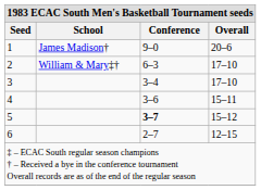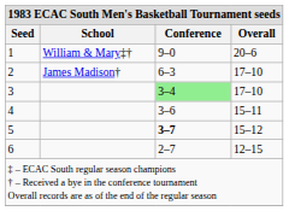 <table class="wikitable" style="white-space:nowrap; font-size:90%;">
 <tr>
 <td colspan="7" style="text-align:center; background:#DDDDDD; font:#000000"><strong>1983 ECAC South Men's Basketball Tournament seeds</strong></td>
 </tr>
 <tr bgcolor="#efefef">
 <th>Seed</th>
 <th>School</th>
 <th>Conference</th>
 <th>Overall</th>
 </tr>
 <tr>
 <td>1</td>
-<td><a href='#'>James Madison</a>†</td>
+<td><a href='#'>William & Mary</a>‡†</td>
 <td>9–0</td>
 <td>20–6</td>
 </tr>
 <tr>
 <td>2</td>
-<td><a href='#'>William & Mary</a>‡†</td>
+<td><a href='#'>James Madison</a>†</td>
 <td>6–3</td>
 <td>17–10</td>
 </tr>
 <tr>
 <td>3</td>
 <td></td>
-<td>3–4</td>
+<td style="background: lightgreen;">3–4</td>
 <td>17–10</td>
 </tr>
 <tr>
 <td>4</td>
 <td></td>
 <td>3–6</td>
 <td>15–11</td>
 </tr>
 <tr>
 <td>5</td>
 <td></td>
 <td><strong>3–7</strong></td>
 <td>15–12</td>
 </tr>
 <tr>
 <td>6</td>
 <td></td>
 <td>2–7</td>
 <td>12–15</td>
 </tr>
 <tr>
 <td colspan="6" style="text-align:left;"><small>‡ – ECAC South regular season champions<br>† – Received a bye in the conference tournament<br>Overall records are as of the end of the regular season</small></td>
 </tr>
 <tr>
 </tr>
 </table>
